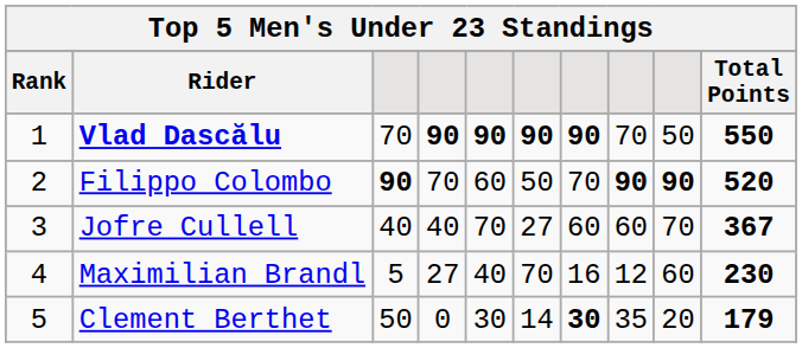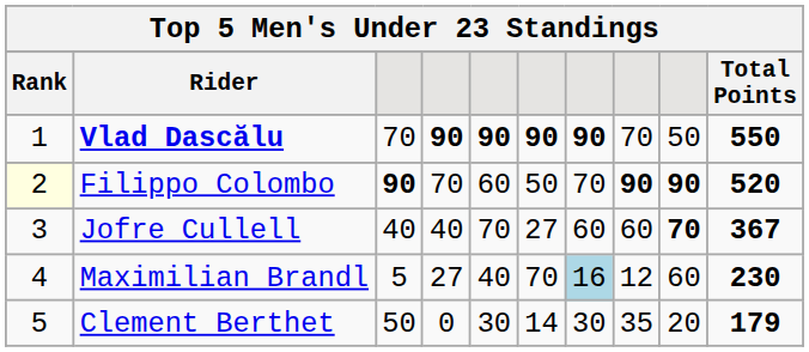 <table class="wikitable sortable">
 <tr>
 <th colspan=27 align="center"><strong>Top 5 Men's Under 23 Standings</strong></th>
 </tr>
 <tr>
 </tr>
 <tr style="font-size:8pt;font-weight:bold">
 <th align="center">Rank</th>
 <th align="center">Rider</th>
 <th class=unsortable style="background:#E5E4E2;"><small></small></th>
 <th class=unsortable style="background:#E5E4E2;"><small></small></th>
 <th class=unsortable style="background:#E5E4E2;"><small></small></th>
 <th class=unsortable style="background:#E5E4E2;"><small></small></th>
 <th class=unsortable style="background:#E5E4E2;"><small></small></th>
 <th class=unsortable style="background:#E5E4E2;"><small></small></th>
 <th class=unsortable style="background:#E5E4E2;"><small></small></th>
 <th align="center">Total<br>Points</th>
 </tr>
 <tr>
 <td align=center>1</td>
 <td> <strong><a href='#'>Vlad Dascălu</a></strong></td>
 <td align=center>70</td>
 <td align=center><strong>90</strong></td>
 <td align=center><strong>90</strong></td>
 <td align=center><strong>90</strong></td>
 <td align=center><strong>90</strong></td>
 <td align=center>70</td>
 <td align=center>50</td>
 <td align=center><strong>550</strong></td>
 </tr>
 <tr>
-<td align=center>2</td>
+<td align=center style="background: lightyellow;">2</td>
 <td> <a href='#'>Filippo Colombo</a></td>
 <td align=center><strong>90</strong></td>
 <td align=center>70</td>
 <td align=center>60</td>
 <td align=center>50</td>
 <td align=center>70</td>
 <td align=center><strong>90</strong></td>
 <td align=center><strong>90</strong></td>
 <td align=center><strong>520</strong></td>
 </tr>
 <tr>
 <td align=center>3</td>
 <td> <a href='#'>Jofre Cullell</a></td>
 <td align=center>40</td>
 <td align=center>40</td>
 <td align=center>70</td>
 <td align=center>27</td>
 <td align=center>60</td>
 <td align=center>60</td>
-<td align=center>70</td>
+<td align=center><strong>70</strong></td>
 <td align=center><strong>367</strong></td>
 </tr>
 <tr>
 <td align=center>4</td>
 <td> <a href='#'>Maximilian Brandl</a></td>
 <td align=center>5</td>
 <td align=center>27</td>
 <td align=center>40</td>
 <td align=center>70</td>
-<td align=center>16</td>
+<td align=center style="background: lightblue;">16</td>
 <td align=center>12</td>
 <td align=center>60</td>
 <td align=center><strong>230</strong></td>
 </tr>
 <tr>
 <td align=center>5</td>
 <td> <a href='#'>Clement Berthet</a></td>
 <td align=center>50</td>
 <td align=center>0</td>
 <td align=center>30</td>
 <td align=center>14</td>
-<td align=center><strong>30</strong></td>
+<td align=center>30</td>
 <td align=center>35</td>
 <td align=center>20</td>
 <td align=center><strong>179</strong></td>
 </tr>
 </table>
